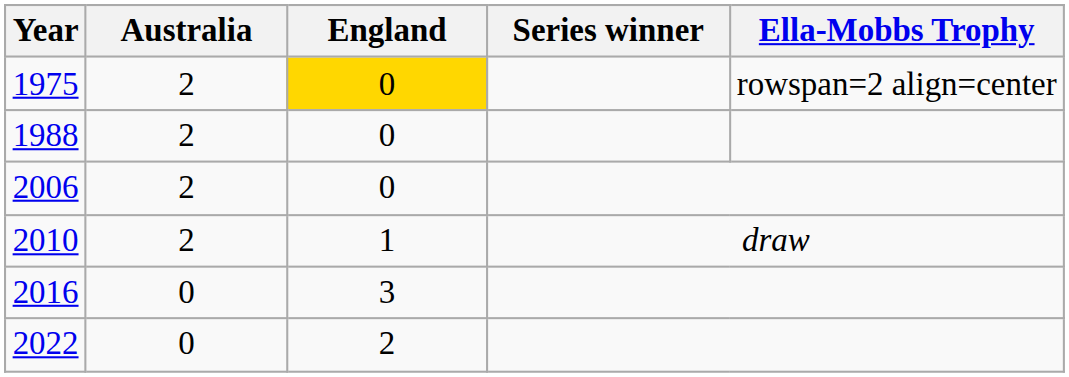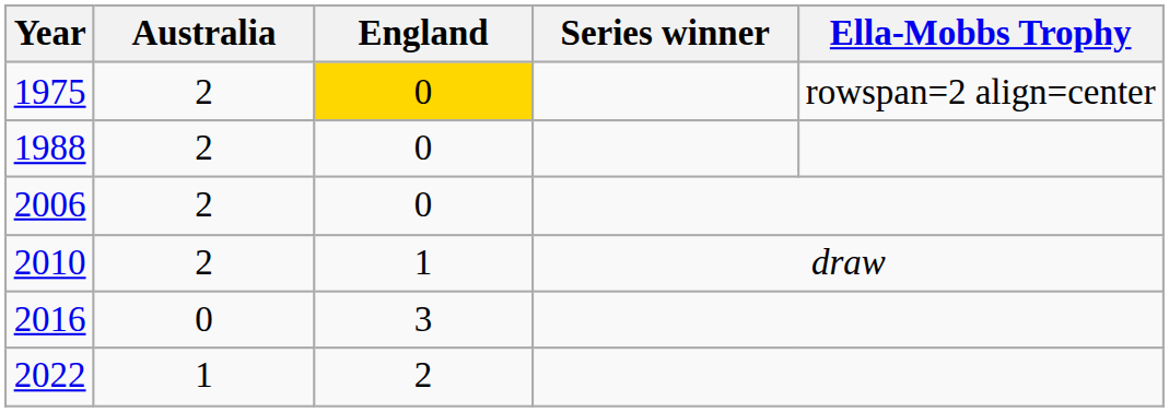 <table class="wikitable">
 <tr>
 <th>Year</th>
 <th width="90">Australia</th>
 <th width="90">England</th>
 <th width="110">Series winner</th>
 <th><a href='#'>Ella-Mobbs Trophy</a></th>
 </tr>
 <tr>
 <td> <a href='#'>1975</a></td>
 <td align=center>2</td>
 <td align=center style="background: gold;">0</td>
 <td></td>
 <td>rowspan=2 align=center </td>
 </tr>
 <tr>
 <td> <a href='#'>1988</a></td>
 <td align=center>2</td>
 <td align=center>0</td>
 <td></td>
 </tr>
 <tr>
 <td> <a href='#'>2006</a></td>
 <td align=center>2</td>
 <td align=center>0</td>
 <td colspan=2></td>
 </tr>
 <tr>
 <td> <a href='#'>2010</a></td>
 <td align=center>2</td>
 <td align=center>1</td>
 <td colspan=2 align=center><em>draw</em></td>
 </tr>
 <tr>
 <td> <a href='#'>2016</a></td>
 <td align=center>0</td>
 <td align=center>3</td>
 <td colspan=2></td>
 </tr>
 <tr>
 <td> <a href='#'>2022</a></td>
-<td align=center>0</td>
+<td align=center>1</td>
 <td align=center>2</td>
 <td colspan=2></td>
 </tr>
 </table>
